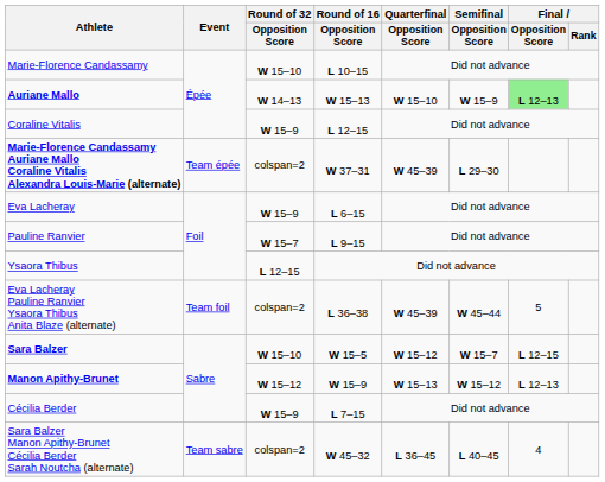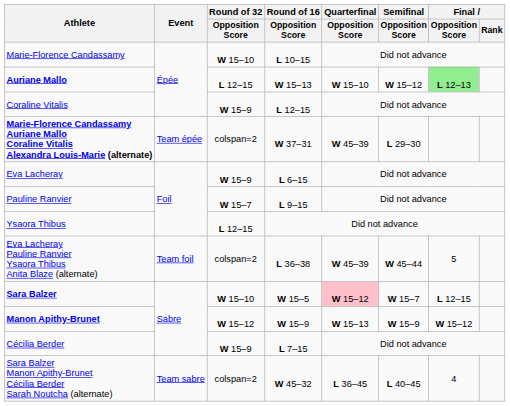 <table class="wikitable" style="font-size:90%">
 <tr>
 <th rowspan="2">Athlete</th>
 <th rowspan="2">Event</th>
 <th>Round of 32</th>
 <th>Round of 16</th>
 <th>Quarterfinal</th>
 <th>Semifinal</th>
 <th colspan=2>Final / </th>
 </tr>
 <tr style="font-size:95%">
 <th>Opposition <br> Score</th>
 <th>Opposition <br> Score</th>
 <th>Opposition <br> Score</th>
 <th>Opposition <br> Score</th>
 <th>Opposition <br> Score</th>
 <th>Rank</th>
 </tr>
 <tr align=center>
 <td align=left><a href='#'>Marie-Florence Candassamy</a></td>
 <td align=left rowspan=3><a href='#'>Épée</a></td>
 <td><br><strong>W</strong> 15–10</td>
 <td><br><strong>L</strong> 10–15</td>
 <td colspan=4>Did not advance</td>
 </tr>
 <tr align=center>
 <td align=left><strong><a href='#'>Auriane Mallo</a></strong></td>
-<td><br><strong>W</strong> 14–13</td>
+<td><br><strong>L</strong> 12–15</td>
 <td><br><strong>W</strong> 15–13</td>
 <td><br><strong>W</strong> 15–10</td>
-<td><br><strong>W</strong> 15–9</td>
+<td><br><strong>W</strong> 15–12</td>
 <td style="background: lightgreen;"><br><strong>L</strong> 12–13</td>
 <td></td>
 </tr>
 <tr align=center>
 <td align=left><a href='#'>Coraline Vitalis</a></td>
 <td><br><strong>W</strong> 15–9</td>
 <td><br><strong>L</strong> 12–15</td>
 <td colspan=4>Did not advance</td>
 </tr>
 <tr align=center>
 <td align=left><strong><a href='#'>Marie-Florence Candassamy</a><br><a href='#'>Auriane Mallo</a><br><a href='#'>Coraline Vitalis</a><br><a href='#'>Alexandra Louis-Marie</a> (alternate)</strong></td>
 <td align=left><a href='#'>Team épée</a></td>
 <td>colspan=2 </td>
 <td><br><strong>W</strong> 37–31</td>
 <td><br><strong>W</strong> 45–39</td>
 <td><br><strong>L</strong> 29–30</td>
 <td></td>
 </tr>
 <tr align=center>
 <td align=left><a href='#'>Eva Lacheray</a></td>
 <td align=left rowspan=3><a href='#'>Foil</a></td>
 <td><br><strong>W</strong> 15–9</td>
 <td><br><strong>L</strong> 6–15</td>
 <td colspan="4">Did not advance</td>
 </tr>
 <tr align=center>
 <td align=left><a href='#'>Pauline Ranvier</a></td>
 <td><br><strong>W</strong> 15–7</td>
 <td><br><strong>L</strong> 9–15</td>
 <td colspan="4">Did not advance</td>
 </tr>
 <tr align=center>
 <td align=left><a href='#'>Ysaora Thibus</a></td>
 <td><br><strong>L</strong> 12–15</td>
 <td colspan="5">Did not advance</td>
 </tr>
 <tr align=center>
 <td align=left><a href='#'>Eva Lacheray</a><br><a href='#'>Pauline Ranvier</a><br><a href='#'>Ysaora Thibus</a><br><a href='#'>Anita Blaze</a> (alternate)</td>
 <td align=left><a href='#'>Team foil</a></td>
 <td>colspan=2 </td>
 <td><br><strong>L</strong> 36–38</td>
 <td><br><strong>W</strong> 45–39</td>
 <td><br><strong>W</strong> 45–44</td>
 <td>5</td>
 </tr>
 <tr align=center>
 <td align=left><strong><a href='#'>Sara Balzer</a></strong></td>
 <td align=left rowspan=3><a href='#'>Sabre</a></td>
 <td><br><strong>W</strong> 15–10</td>
 <td><br><strong>W</strong> 15–5</td>
-<td><br><strong>W</strong> 15–12</td>
+<td style="background: pink;"><br><strong>W</strong> 15–12</td>
 <td><br><strong>W</strong> 15–7</td>
 <td><br><strong>L</strong> 12–15</td>
 <td></td>
 </tr>
 <tr align=center>
 <td align=left><strong><a href='#'>Manon Apithy-Brunet</a></strong></td>
 <td><br><strong>W</strong> 15–12</td>
 <td><br><strong>W</strong> 15–9</td>
 <td><br><strong>W</strong> 15–13</td>
+<td><br><strong>W</strong> 15–9</td>
 <td><br><strong>W</strong> 15–12</td>
-<td><br><strong>L</strong> 12–13</td>
 <td></td>
 </tr>
 <tr align=center>
 <td align=left><a href='#'>Cécilia Berder</a></td>
 <td><br><strong>W</strong> 15–9</td>
 <td><br><strong>L</strong> 7–15</td>
 <td colspan="4">Did not advance</td>
 </tr>
 <tr align=center>
 <td align=left><a href='#'>Sara Balzer</a><br><a href='#'>Manon Apithy-Brunet</a><br><a href='#'>Cécilia Berder</a><br><a href='#'>Sarah Noutcha</a> (alternate)</td>
 <td align=left><a href='#'>Team sabre</a></td>
 <td>colspan=2 </td>
 <td><br><strong>W</strong> 45–32</td>
 <td><br><strong>L</strong> 36–45</td>
 <td><br><strong>L</strong> 40–45</td>
 <td>4</td>
 </tr>
 </table>
